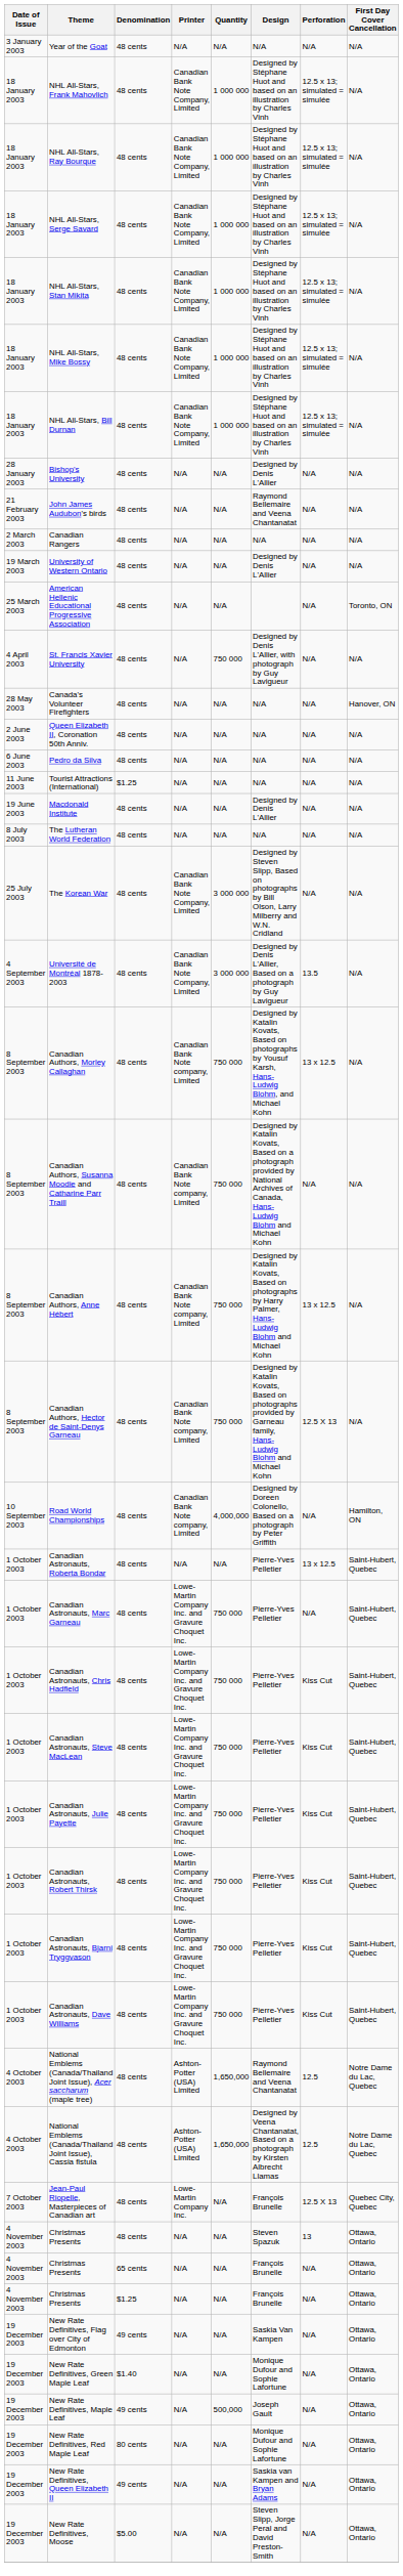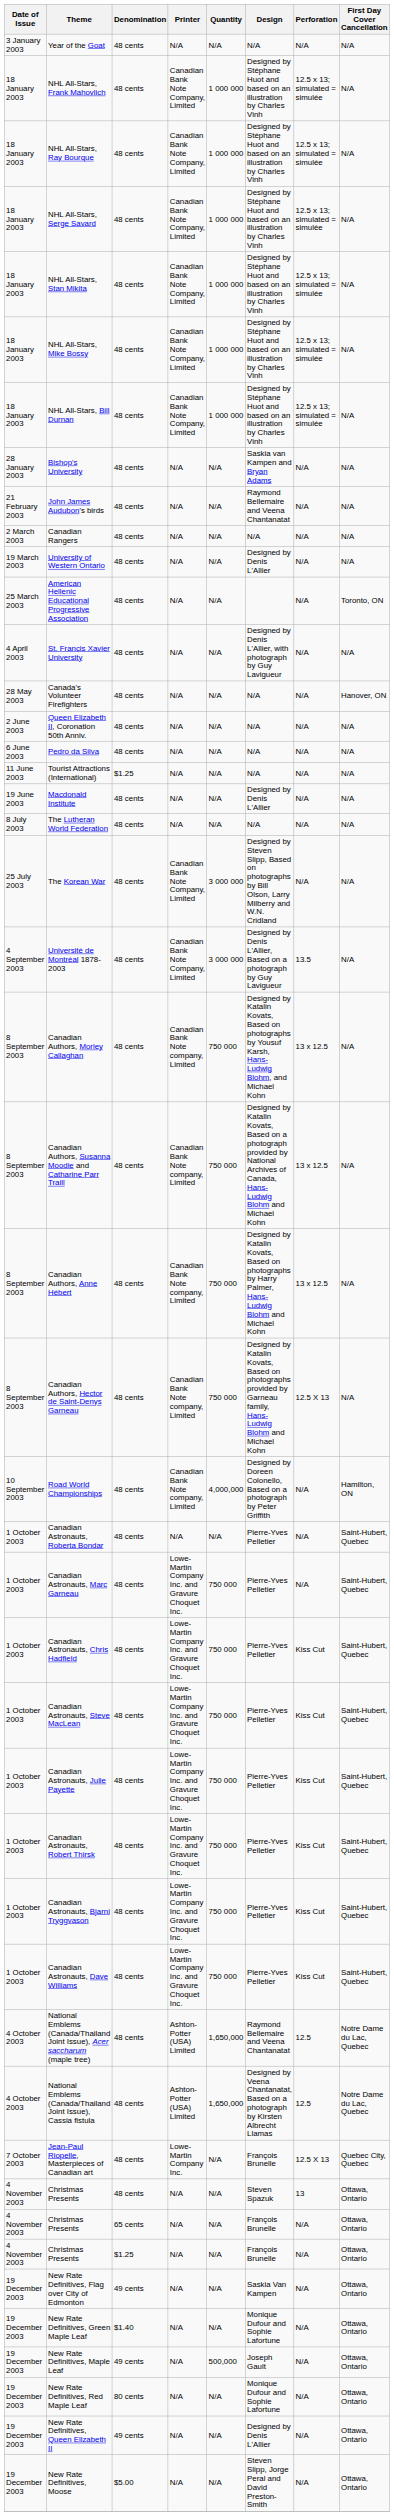 <table class="wikitable sortable">
 <tr>
 <th>Date of Issue</th>
 <th>Theme</th>
 <th>Denomination</th>
 <th>Printer</th>
 <th>Quantity</th>
 <th>Design</th>
 <th>Perforation</th>
 <th>First Day Cover Cancellation</th>
 </tr>
 <tr>
 <td>3 January 2003</td>
 <td>Year of the <a href='#'>Goat</a></td>
 <td>48 cents</td>
 <td>N/A</td>
 <td>N/A</td>
 <td>N/A</td>
 <td>N/A</td>
 <td>N/A</td>
 </tr>
 <tr>
 <td>18 January 2003</td>
 <td>NHL All-Stars, <a href='#'>Frank Mahovlich</a></td>
 <td>48 cents</td>
 <td>Canadian Bank Note Company, Limited</td>
 <td>1 000 000</td>
 <td>Designed by Stéphane Huot and based on an illustration by Charles Vinh</td>
 <td>12.5 x 13; simulated = simulée</td>
 <td>N/A</td>
 </tr>
 <tr>
 <td>18 January 2003</td>
 <td>NHL All-Stars, <a href='#'>Ray Bourque</a></td>
 <td>48 cents</td>
 <td>Canadian Bank Note Company, Limited</td>
 <td>1 000 000</td>
 <td>Designed by Stéphane Huot and based on an illustration by Charles Vinh</td>
 <td>12.5 x 13; simulated = simulée</td>
 <td>N/A</td>
 </tr>
 <tr>
 <td>18 January 2003</td>
 <td>NHL All-Stars, <a href='#'>Serge Savard</a></td>
 <td>48 cents</td>
 <td>Canadian Bank Note Company, Limited</td>
 <td>1 000 000</td>
 <td>Designed by Stéphane Huot and based on an illustration by Charles Vinh</td>
 <td>12.5 x 13; simulated = simulée</td>
 <td>N/A</td>
 </tr>
 <tr>
 <td>18 January 2003</td>
 <td>NHL All-Stars, <a href='#'>Stan Mikita</a></td>
 <td>48 cents</td>
 <td>Canadian Bank Note Company, Limited</td>
 <td>1 000 000</td>
 <td>Designed by Stéphane Huot and based on an illustration by Charles Vinh</td>
 <td>12.5 x 13; simulated = simulée</td>
 <td>N/A</td>
 </tr>
 <tr>
 <td>18 January 2003</td>
 <td>NHL All-Stars, <a href='#'>Mike Bossy</a></td>
 <td>48 cents</td>
 <td>Canadian Bank Note Company, Limited</td>
 <td>1 000 000</td>
 <td>Designed by Stéphane Huot and based on an illustration by Charles Vinh</td>
 <td>12.5 x 13; simulated = simulée</td>
 <td>N/A</td>
 </tr>
 <tr>
 <td>18 January 2003</td>
 <td>NHL All-Stars, <a href='#'>Bill Durnan</a></td>
 <td>48 cents</td>
 <td>Canadian Bank Note Company, Limited</td>
 <td>1 000 000</td>
 <td>Designed by Stéphane Huot and based on an illustration by Charles Vinh</td>
 <td>12.5 x 13; simulated = simulée</td>
 <td>N/A</td>
 </tr>
 <tr>
 <td>28 January 2003</td>
 <td><a href='#'>Bishop's University</a></td>
 <td>48 cents</td>
 <td>N/A</td>
 <td>N/A</td>
-<td>Designed by Denis L'Allier</td>
+<td>Saskia van Kampen and <a href='#'>Bryan Adams</a></td>
 <td>N/A</td>
 <td>N/A</td>
 </tr>
 <tr>
 <td>21 February 2003</td>
 <td><a href='#'>John James Audubon</a>'s birds</td>
 <td>48 cents</td>
 <td>N/A</td>
 <td>N/A</td>
 <td>Raymond Bellemaire and Veena Chantanatat</td>
 <td>N/A</td>
 <td>N/A</td>
 </tr>
 <tr>
 <td>2 March 2003</td>
 <td>Canadian Rangers</td>
 <td>48 cents</td>
 <td>N/A</td>
 <td>N/A</td>
 <td>N/A</td>
 <td>N/A</td>
 <td>N/A</td>
 </tr>
 <tr>
 <td>19 March 2003</td>
 <td><a href='#'>University of Western Ontario</a></td>
 <td>48 cents</td>
 <td>N/A</td>
 <td>N/A</td>
 <td>Designed by Denis L'Allier</td>
 <td>N/A</td>
 <td>N/A</td>
 </tr>
 <tr>
 <td>25 March 2003</td>
 <td><a href='#'>American Hellenic Educational Progressive Association</a></td>
 <td>48 cents</td>
 <td>N/A</td>
 <td>N/A</td>
 <td></td>
 <td>N/A</td>
 <td>Toronto, ON</td>
 </tr>
 <tr>
 <td>4 April 2003</td>
 <td><a href='#'>St. Francis Xavier University</a></td>
 <td>48 cents</td>
 <td>N/A</td>
-<td>750 000</td>
+<td>N/A</td>
 <td>Designed by Denis L'Allier, with photograph by Guy Lavigueur</td>
 <td>N/A</td>
 <td>N/A</td>
 </tr>
 <tr>
 <td>28 May 2003</td>
 <td>Canada's Volunteer Firefighters</td>
 <td>48 cents</td>
 <td>N/A</td>
 <td>N/A</td>
 <td>N/A</td>
 <td>N/A</td>
 <td>Hanover, ON</td>
 </tr>
 <tr>
 <td>2 June 2003</td>
 <td><a href='#'>Queen Elizabeth II</a>, Coronation 50th Anniv.</td>
 <td>48 cents</td>
 <td>N/A</td>
 <td>N/A</td>
 <td>N/A</td>
 <td>N/A</td>
 <td>N/A</td>
 </tr>
 <tr>
 <td>6 June 2003</td>
 <td><a href='#'>Pedro da Silva</a></td>
 <td>48 cents</td>
 <td>N/A</td>
 <td>N/A</td>
 <td>N/A</td>
 <td>N/A</td>
 <td>N/A</td>
 </tr>
 <tr>
 <td>11 June 2003</td>
 <td>Tourist Attractions (International)</td>
 <td>$1.25</td>
 <td>N/A</td>
 <td>N/A</td>
 <td>N/A</td>
 <td>N/A</td>
 <td>N/A</td>
 </tr>
 <tr>
 <td>19 June 2003</td>
 <td><a href='#'>Macdonald Institute</a></td>
 <td>48 cents</td>
 <td>N/A</td>
 <td>N/A</td>
 <td>Designed by Denis L'Allier</td>
 <td>N/A</td>
 <td>N/A</td>
 </tr>
 <tr>
 <td>8 July 2003</td>
 <td>The <a href='#'>Lutheran World Federation</a></td>
 <td>48 cents</td>
 <td>N/A</td>
 <td>N/A</td>
 <td>N/A</td>
 <td>N/A</td>
 <td>N/A</td>
 </tr>
 <tr>
 <td>25 July 2003</td>
 <td>The <a href='#'>Korean War</a></td>
 <td>48 cents</td>
 <td>Canadian Bank Note Company, Limited</td>
 <td>3 000 000</td>
 <td>Designed by Steven Slipp, Based on photographs by Bill Olson, Larry Milberry and W.N. Cridland</td>
 <td>N/A</td>
 <td>N/A</td>
 </tr>
 <tr>
 <td>4 September 2003</td>
 <td><a href='#'>Université de Montréal</a> 1878-2003</td>
 <td>48 cents</td>
 <td>Canadian Bank Note Company, Limited</td>
 <td>3 000 000</td>
 <td>Designed by Denis L'Allier, Based on a photograph by Guy Lavigueur</td>
 <td>13.5</td>
 <td>N/A</td>
 </tr>
 <tr>
 <td>8 September 2003</td>
 <td>Canadian Authors, <a href='#'>Morley Callaghan</a></td>
 <td>48 cents</td>
 <td>Canadian Bank Note company, Limited</td>
 <td>750 000</td>
 <td>Designed by Katalin Kovats, Based on photographs by Yousuf Karsh, <a href='#'>Hans-Ludwig Blohm</a>, and Michael Kohn</td>
 <td>13 x 12.5</td>
 <td>N/A</td>
 </tr>
 <tr>
 <td>8 September 2003</td>
 <td>Canadian Authors, <a href='#'>Susanna Moodie</a> and <a href='#'>Catharine Parr Traill</a></td>
 <td>48 cents</td>
 <td>Canadian Bank Note company, Limited</td>
 <td>750 000</td>
 <td>Designed by Katalin Kovats, Based on a photograph provided by National Archives of Canada, <a href='#'>Hans-Ludwig Blohm</a> and Michael Kohn</td>
-<td>N/A</td>
+<td>13 x 12.5</td>
 <td>N/A</td>
 </tr>
 <tr>
 <td>8 September 2003</td>
 <td>Canadian Authors, <a href='#'>Anne Hébert</a></td>
 <td>48 cents</td>
 <td>Canadian Bank Note company, Limited</td>
 <td>750 000</td>
 <td>Designed by Katalin Kovats, Based on photographs by Harry Palmer, <a href='#'>Hans-Ludwig Blohm</a> and Michael Kohn</td>
 <td>13 x 12.5</td>
 <td>N/A</td>
 </tr>
 <tr>
 <td>8 September 2003</td>
 <td>Canadian Authors, <a href='#'>Hector de Saint-Denys Garneau</a></td>
 <td>48 cents</td>
 <td>Canadian Bank Note company, Limited</td>
 <td>750 000</td>
 <td>Designed by Katalin Kovats, Based on photographs provided by Garneau family, <a href='#'>Hans-Ludwig Blohm</a> and Michael Kohn</td>
 <td>12.5 X 13</td>
 <td>N/A</td>
 </tr>
 <tr>
 <td>10 September 2003</td>
 <td><a href='#'>Road World Championships</a></td>
 <td>48 cents</td>
 <td>Canadian Bank Note company, Limited</td>
 <td>4,000,000</td>
 <td>Designed by Doreen Colonello, Based on a photograph by Peter Griffith</td>
 <td>N/A</td>
 <td>Hamilton, ON</td>
 </tr>
 <tr>
 <td>1 October 2003</td>
 <td>Canadian Astronauts, <a href='#'>Roberta Bondar</a></td>
 <td>48 cents</td>
 <td>N/A</td>
 <td>N/A</td>
 <td>Pierre-Yves Pelletier</td>
-<td>13 x 12.5</td>
+<td>N/A</td>
 <td>Saint-Hubert, Quebec</td>
 </tr>
 <tr>
 <td>1 October 2003</td>
 <td>Canadian Astronauts, <a href='#'>Marc Garneau</a></td>
 <td>48 cents</td>
 <td>Lowe-Martin Company Inc. and Gravure Choquet Inc.</td>
 <td>750 000</td>
 <td>Pierre-Yves Pelletier</td>
 <td>N/A</td>
 <td>Saint-Hubert, Quebec</td>
 </tr>
 <tr>
 <td>1 October 2003</td>
 <td>Canadian Astronauts, <a href='#'>Chris Hadfield</a></td>
 <td>48 cents</td>
 <td>Lowe-Martin Company Inc. and Gravure Choquet Inc.</td>
 <td>750 000</td>
 <td>Pierre-Yves Pelletier</td>
 <td>Kiss Cut</td>
 <td>Saint-Hubert, Quebec</td>
 </tr>
 <tr>
 <td>1 October 2003</td>
 <td>Canadian Astronauts, <a href='#'>Steve MacLean</a></td>
 <td>48 cents</td>
 <td>Lowe-Martin Company Inc. and Gravure Choquet Inc.</td>
 <td>750 000</td>
 <td>Pierre-Yves Pelletier</td>
 <td>Kiss Cut</td>
 <td>Saint-Hubert, Quebec</td>
 </tr>
 <tr>
 <td>1 October 2003</td>
 <td>Canadian Astronauts, <a href='#'>Julie Payette</a></td>
 <td>48 cents</td>
 <td>Lowe-Martin Company Inc. and Gravure Choquet Inc.</td>
 <td>750 000</td>
 <td>Pierre-Yves Pelletier</td>
 <td>Kiss Cut</td>
 <td>Saint-Hubert, Quebec</td>
 </tr>
 <tr>
 <td>1 October 2003</td>
 <td>Canadian Astronauts, <a href='#'>Robert Thirsk</a></td>
 <td>48 cents</td>
 <td>Lowe-Martin Company Inc. and Gravure Choquet Inc.</td>
 <td>750 000</td>
 <td>Pierre-Yves Pelletier</td>
 <td>Kiss Cut</td>
 <td>Saint-Hubert, Quebec</td>
 </tr>
 <tr>
 <td>1 October 2003</td>
 <td>Canadian Astronauts, <a href='#'>Bjarni Tryggvason</a></td>
 <td>48 cents</td>
 <td>Lowe-Martin Company Inc. and Gravure Choquet Inc.</td>
 <td>750 000</td>
 <td>Pierre-Yves Pelletier</td>
 <td>Kiss Cut</td>
 <td>Saint-Hubert, Quebec</td>
 </tr>
 <tr>
 <td>1 October 2003</td>
 <td>Canadian Astronauts, <a href='#'>Dave Williams</a></td>
 <td>48 cents</td>
 <td>Lowe-Martin Company Inc. and Gravure Choquet Inc.</td>
 <td>750 000</td>
 <td>Pierre-Yves Pelletier</td>
 <td>Kiss Cut</td>
 <td>Saint-Hubert, Quebec</td>
 </tr>
 <tr>
 <td>4 October 2003</td>
 <td>National Emblems (Canada/Thailand Joint Issue), <em><a href='#'>Acer saccharum</a></em> (maple tree)</td>
 <td>48 cents</td>
 <td>Ashton-Potter (USA) Limited</td>
 <td>1,650,000</td>
 <td>Raymond Bellemaire and Veena Chantanatat</td>
 <td>12.5</td>
 <td>Notre Dame du Lac, Quebec</td>
 </tr>
 <tr>
 <td>4 October 2003</td>
 <td>National Emblems (Canada/Thailand Joint Issue), Cassia fistula</td>
 <td>48 cents</td>
 <td>Ashton-Potter (USA) Limited</td>
 <td>1,650,000</td>
 <td>Designed by Veena Chantanatat, Based on a photograph by Kirsten Albrecht Llamas</td>
 <td>12.5</td>
 <td>Notre Dame du Lac, Quebec</td>
 </tr>
 <tr>
 <td>7 October 2003</td>
 <td><a href='#'>Jean-Paul Riopelle</a>, Masterpieces of Canadian art</td>
 <td>48 cents</td>
 <td>Lowe-Martin Company Inc.</td>
 <td>N/A</td>
 <td>François Brunelle</td>
 <td>12.5 X 13</td>
 <td>Quebec City, Quebec</td>
 </tr>
 <tr>
 <td>4 November 2003</td>
 <td>Christmas Presents</td>
 <td>48 cents</td>
 <td>N/A</td>
 <td>N/A</td>
 <td>Steven Spazuk</td>
 <td>13</td>
 <td>Ottawa, Ontario</td>
 </tr>
 <tr>
 <td>4 November 2003</td>
 <td>Christmas Presents</td>
 <td>65 cents</td>
 <td>N/A</td>
 <td>N/A</td>
 <td>François Brunelle</td>
 <td>N/A</td>
 <td>Ottawa, Ontario</td>
 </tr>
 <tr>
 <td>4 November 2003</td>
 <td>Christmas Presents</td>
 <td>$1.25</td>
 <td>N/A</td>
 <td>N/A</td>
 <td>François Brunelle</td>
 <td>N/A</td>
 <td>Ottawa, Ontario</td>
 </tr>
 <tr>
 <td>19 December 2003</td>
 <td>New Rate Definitives, Flag over City of Edmonton</td>
 <td>49 cents</td>
 <td>N/A</td>
 <td>N/A</td>
 <td>Saskia Van Kampen</td>
 <td>N/A</td>
 <td>Ottawa, Ontario</td>
 </tr>
 <tr>
 <td>19 December 2003</td>
 <td>New Rate Definitives, Green Maple Leaf</td>
 <td>$1.40</td>
 <td>N/A</td>
 <td>N/A</td>
 <td>Monique Dufour and Sophie Lafortune</td>
 <td>N/A</td>
 <td>Ottawa, Ontario</td>
 </tr>
 <tr>
 <td>19 December 2003</td>
 <td>New Rate Definitives, Maple Leaf</td>
 <td>49 cents</td>
 <td>N/A</td>
 <td>500,000</td>
 <td>Joseph Gault</td>
 <td>N/A</td>
 <td>Ottawa, Ontario</td>
 </tr>
 <tr>
 <td>19 December 2003</td>
 <td>New Rate Definitives, Red Maple Leaf</td>
 <td>80 cents</td>
 <td>N/A</td>
 <td>N/A</td>
 <td>Monique Dufour and Sophie Lafortune</td>
 <td>N/A</td>
 <td>Ottawa, Ontario</td>
 </tr>
 <tr>
 <td>19 December 2003</td>
 <td>New Rate Definitives, <a href='#'>Queen Elizabeth II</a></td>
 <td>49 cents</td>
 <td>N/A</td>
 <td>N/A</td>
-<td>Saskia van Kampen and <a href='#'>Bryan Adams</a></td>
+<td>Designed by Denis L'Allier</td>
 <td>N/A</td>
 <td>Ottawa, Ontario</td>
 </tr>
 <tr>
 <td>19 December 2003</td>
 <td>New Rate Definitives, Moose</td>
 <td>$5.00</td>
 <td>N/A</td>
 <td>N/A</td>
 <td>Steven Slipp, Jorge Peral and David Preston-Smith</td>
 <td>N/A</td>
 <td>Ottawa, Ontario</td>
 </tr>
 <tr>
 </tr>
 </table>
